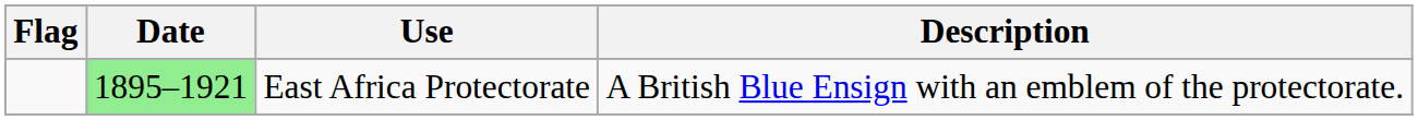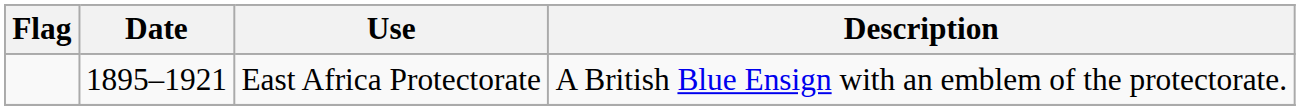 <table class="wikitable">
 <tr>
 <th>Flag</th>
 <th>Date</th>
 <th>Use</th>
 <th>Description</th>
 </tr>
 <tr>
 <td></td>
-<td style="background: lightgreen;">1895–1921</td>
+<td>1895–1921</td>
 <td>East Africa Protectorate</td>
 <td>A British <a href='#'>Blue Ensign</a> with an emblem of the protectorate.</td>
 </tr>
 <tr>
 </tr>
 </table>
